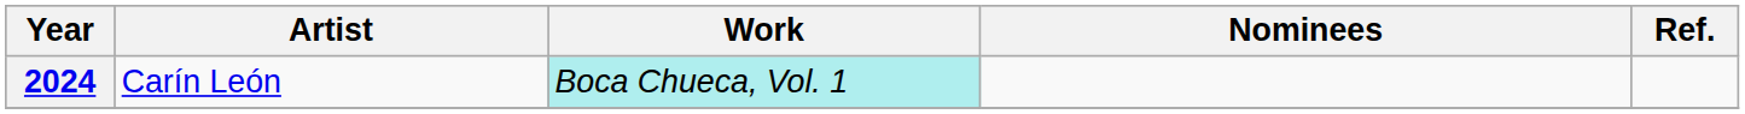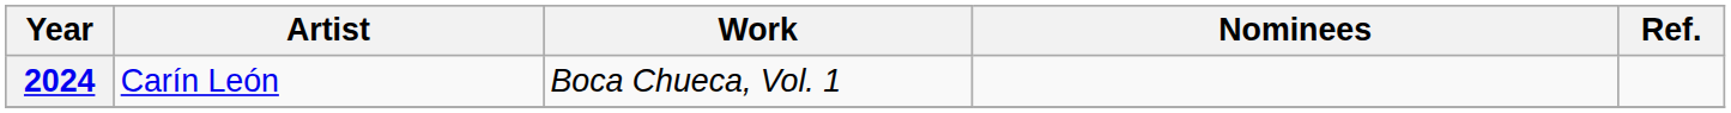 <table class="wikitable plainrowheaders sortable">
 <tr>
 <th scope="col" width="5%">Year</th>
 <th scope="col" width="20%">Artist</th>
 <th scope="col" width="20%">Work</th>
 <th scope="col" class="unsortable" width="30%">Nominees</th>
 <th scope="col" class="unsortable" width="5%">Ref.</th>
 </tr>
 <tr>
 <th style="text-align:center;" scope="row"><a href='#'><strong>2024</strong></a></th>
 <td><a href='#'>Carín León</a></td>
-<td style="background: paleturquoise;"><em>Boca Chueca, Vol. 1</em></td>
+<td><em>Boca Chueca, Vol. 1</em></td>
 <td></td>
 <td align="center"></td>
 </tr>
 <tr>
 </tr>
 </table>
